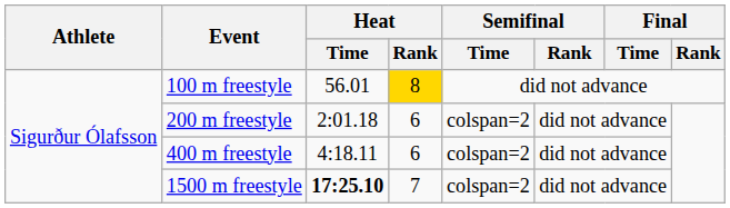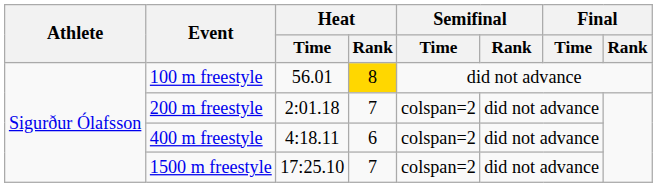 <table class=wikitable style="font-size:90%">
 <tr>
 <th rowspan="2">Athlete</th>
 <th rowspan="2">Event</th>
 <th colspan="2">Heat</th>
 <th colspan="2">Semifinal</th>
 <th colspan="2">Final</th>
 </tr>
 <tr style="font-size:95%">
 <th>Time</th>
 <th>Rank</th>
 <th>Time</th>
 <th>Rank</th>
 <th>Time</th>
 <th>Rank</th>
 </tr>
 <tr align=center>
 <td align=left rowspan=4><a href='#'>Sigurður Ólafsson</a></td>
 <td align=left><a href='#'>100 m freestyle</a></td>
 <td>56.01</td>
 <td style="background: gold;">8</td>
 <td colspan=4>did not advance</td>
 </tr>
 <tr align=center>
 <td align=left><a href='#'>200 m freestyle</a></td>
 <td>2:01.18</td>
-<td>6</td>
+<td>7</td>
 <td>colspan=2 </td>
 <td colspan=2>did not advance</td>
 </tr>
 <tr align=center>
 <td align=left><a href='#'>400 m freestyle</a></td>
 <td>4:18.11</td>
 <td>6</td>
 <td>colspan=2 </td>
 <td colspan=2>did not advance</td>
 </tr>
 <tr align=center>
 <td align=left><a href='#'>1500 m freestyle</a></td>
-<td><strong>17:25.10</strong></td>
+<td>17:25.10</td>
 <td>7</td>
 <td>colspan=2 </td>
 <td colspan=2>did not advance</td>
 </tr>
 </table>
